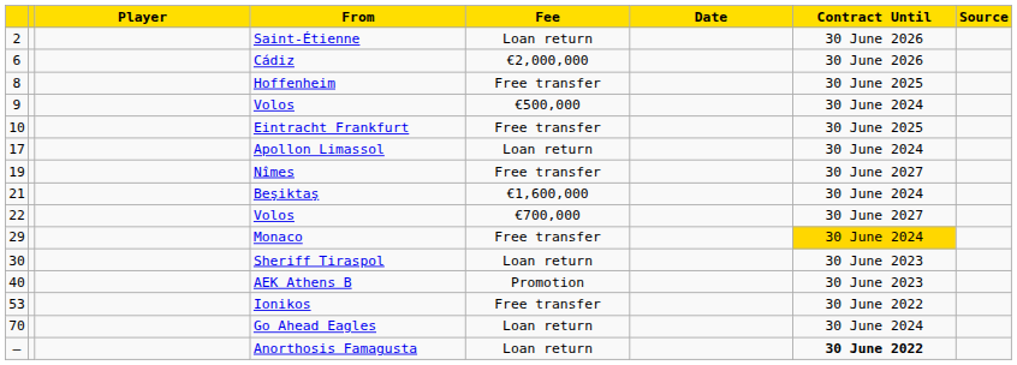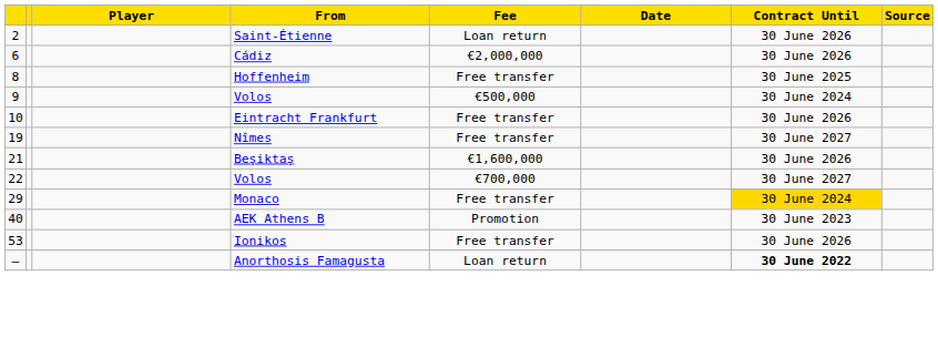 <table class="wikitable sortable">
 <tr>
 <th style="background:#FFDE00"></th>
 <th style="background:#FFDE00"></th>
 <th width=200 style="background:#FFDE00">Player</th>
 <th width=200 style="background:#FFDE00">From</th>
 <th width=150 style="background:#FFDE00">Fee</th>
 <th width=150 style="background:#FFDE00">Date</th>
 <th width=150 style="background:#FFDE00">Contract Until</th>
 <th style="background:#FFDE00">Source</th>
 </tr>
 <tr>
 <td align=center>2</td>
 <td align=center></td>
 <td></td>
 <td> <a href='#'>Saint-Étienne</a></td>
 <td align=center>Loan return</td>
 <td align=center></td>
 <td align=center>30 June 2026</td>
 <td align=center></td>
 </tr>
 <tr>
 <td align=center>6</td>
 <td align=center></td>
 <td></td>
 <td> <a href='#'>Cádiz</a></td>
 <td align=center>€2,000,000</td>
 <td align=center></td>
 <td align=center>30 June 2026</td>
 <td align=center></td>
 </tr>
 <tr>
 <td align=center>8</td>
 <td align=center></td>
 <td></td>
 <td> <a href='#'>Hoffenheim</a></td>
 <td align=center>Free transfer</td>
 <td align=center></td>
 <td align=center>30 June 2025</td>
 <td align=center></td>
 </tr>
 <tr>
 <td align=center>9</td>
 <td align=center></td>
 <td></td>
 <td> <a href='#'>Volos</a></td>
 <td align=center>€500,000</td>
 <td align=center></td>
 <td align=center>30 June 2024</td>
 <td align=center></td>
 </tr>
 <tr>
 <td align=center>10</td>
 <td align=center></td>
 <td></td>
 <td> <a href='#'>Eintracht Frankfurt</a></td>
 <td align=center>Free transfer</td>
 <td align=center></td>
-<td align=center>30 June 2025</td>
-<td align=center></td>
-</tr>
-<tr>
-<td align=center>17</td>
-<td align=center></td>
-<td></td>
-<td> <a href='#'>Apollon Limassol</a></td>
-<td align=center>Loan return</td>
-<td align=center></td>
-<td align=center>30 June 2024</td>
+<td align=center>30 June 2026</td>
 <td align=center></td>
 </tr>
 <tr>
 <td align=center>19</td>
 <td align=center></td>
 <td></td>
 <td> <a href='#'>Nîmes</a></td>
 <td align=center>Free transfer</td>
 <td align=center></td>
 <td align=center>30 June 2027</td>
 <td align=center></td>
 </tr>
 <tr>
 <td align=center>21</td>
 <td align=center></td>
 <td></td>
 <td> <a href='#'>Beşiktaş</a></td>
 <td align=center>€1,600,000</td>
 <td align=center></td>
-<td align=center>30 June 2024</td>
+<td align=center>30 June 2026</td>
 <td align=center></td>
 </tr>
 <tr>
 <td align=center>22</td>
 <td align=center></td>
 <td></td>
 <td> <a href='#'>Volos</a></td>
 <td align=center>€700,000</td>
 <td align=center></td>
 <td align=center>30 June 2027</td>
 <td align=center></td>
 </tr>
 <tr>
 <td align=center>29</td>
 <td align=center></td>
 <td></td>
 <td> <a href='#'>Monaco</a></td>
 <td align=center>Free transfer</td>
 <td align=center></td>
 <td align=center style="background: gold;">30 June 2024</td>
 <td align=center></td>
 </tr>
 <tr>
-<td align=center>30</td>
-<td align=center></td>
-<td></td>
-<td> <a href='#'>Sheriff Tiraspol</a></td>
-<td align=center>Loan return</td>
-<td align=center></td>
-<td align=center>30 June 2023</td>
-<td align=center></td>
-</tr>
-<tr>
 <td align=center>40</td>
 <td align=center></td>
 <td></td>
 <td> <a href='#'>AEK Athens B</a></td>
 <td align=center>Promotion</td>
 <td align=center></td>
 <td align=center>30 June 2023</td>
 <td align=center></td>
 </tr>
 <tr>
 <td align=center>53</td>
 <td align=center></td>
 <td></td>
 <td> <a href='#'>Ionikos</a></td>
 <td align=center>Free transfer</td>
 <td align=center></td>
-<td align=center>30 June 2022</td>
-<td align=center></td>
-</tr>
-<tr>
-<td align=center>70</td>
-<td align=center></td>
-<td></td>
-<td> <a href='#'>Go Ahead Eagles</a></td>
-<td align=center>Loan return</td>
-<td align=center></td>
-<td align=center>30 June 2024</td>
+<td align=center>30 June 2026</td>
 <td align=center></td>
 </tr>
 <tr>
 <td align=center>—</td>
 <td align=center></td>
 <td></td>
 <td> <a href='#'>Anorthosis Famagusta</a></td>
 <td align=center>Loan return</td>
 <td align=center></td>
 <td align=center><strong>30 June 2022</strong></td>
 <td align=center></td>
 </tr>
 </table>
